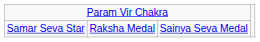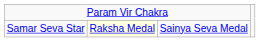 <table class="wikitable" style="margin:1em auto; text-align:center;">
 <tr>
 <td colspan="3"><a href='#'>Param Vir Chakra</a></td>
 <td rowspan="2"></td>
 </tr>
 <tr>
 <td><a href='#'>Samar Seva Star</a></td>
-<td><a href='#'>Raksha Medal</a></td>
+<td style="background: lightyellow;"><a href='#'>Raksha Medal</a></td>
 <td><a href='#'>Sainya Seva Medal</a></td>
 </tr>
 </table>
